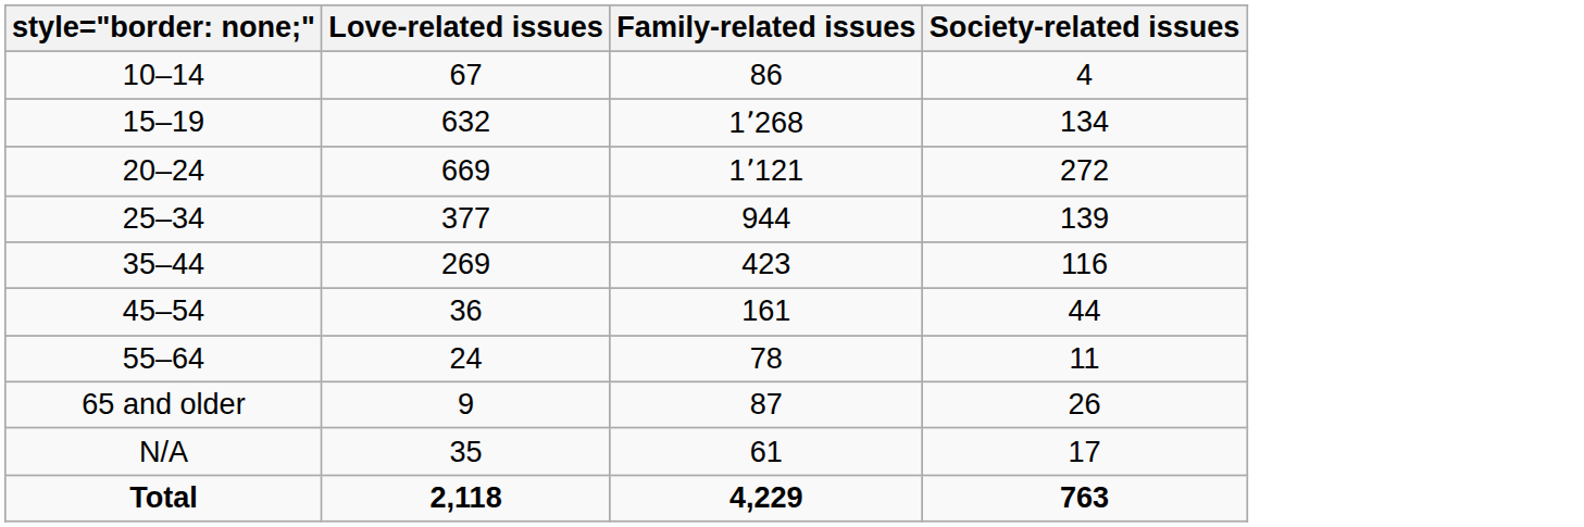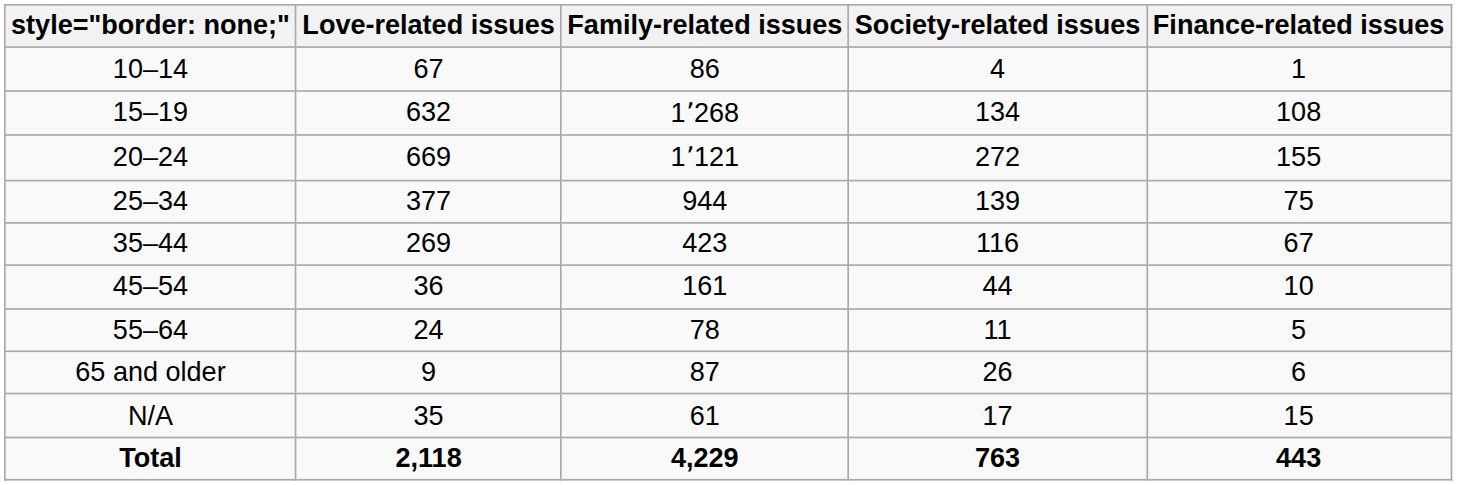 <table class="wikitable sortable" style="text-align: center;">
 <tr>
 <th>style="border: none;" </th>
 <th>Love-related issues</th>
 <th>Family-related issues</th>
 <th>Society-related issues</th>
+<th>Finance-related issues</th>
 </tr>
 <tr>
 <td>10–14</td>
 <td>67</td>
 <td>86</td>
 <td>4</td>
+<td>1</td>
 </tr>
 <tr>
 <td>15–19</td>
 <td>632</td>
 <td>1٬268</td>
 <td>134</td>
+<td>108</td>
 </tr>
 <tr>
 <td>20–24</td>
 <td>669</td>
 <td>1٬121</td>
 <td>272</td>
+<td>155</td>
 </tr>
 <tr>
 <td>25–34</td>
 <td>377</td>
 <td>944</td>
 <td>139</td>
+<td>75</td>
 </tr>
 <tr>
 <td>35–44</td>
 <td>269</td>
 <td>423</td>
 <td>116</td>
+<td>67</td>
 </tr>
 <tr>
 <td>45–54</td>
 <td>36</td>
 <td>161</td>
 <td>44</td>
+<td>10</td>
 </tr>
 <tr>
 <td>55–64</td>
 <td>24</td>
 <td>78</td>
 <td>11</td>
+<td>5</td>
 </tr>
 <tr>
 <td>65 and older</td>
 <td>9</td>
 <td>87</td>
 <td>26</td>
+<td>6</td>
 </tr>
 <tr>
 <td>N/A</td>
 <td>35</td>
 <td>61</td>
 <td>17</td>
+<td>15</td>
 </tr>
 <tr>
 <td><strong>Total</strong></td>
 <td><strong>2,118</strong></td>
 <td><strong>4,229</strong></td>
 <td><strong>763</strong></td>
+<td><strong>443</strong></td>
 </tr>
 </table>
